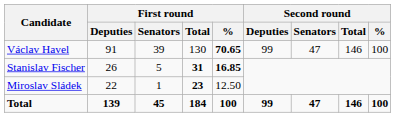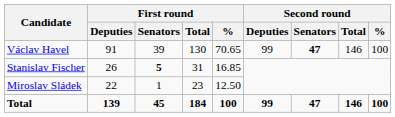 <table class=wikitable style=text-align:center>
 <tr>
 <th rowspan=2>Candidate</th>
 <th colspan=4>First round</th>
 <th colspan=4>Second round</th>
 </tr>
 <tr>
 <th>Deputies</th>
 <th>Senators</th>
 <th>Total</th>
 <th>%</th>
 <th>Deputies</th>
 <th>Senators</th>
 <th>Total</th>
 <th>%</th>
 </tr>
 <tr>
 <td align=left><a href='#'>Václav Havel</a></td>
 <td>91</td>
 <td>39</td>
 <td>130</td>
-<td><strong>70.65</strong></td>
+<td>70.65</td>
 <td>99</td>
-<td>47</td>
+<td><strong>47</strong></td>
 <td>146</td>
 <td>100</td>
 </tr>
 <tr>
 <td align=left><a href='#'>Stanislav Fischer</a></td>
 <td>26</td>
-<td>5</td>
-<td><strong>31</strong></td>
-<td><strong>16.85</strong></td>
+<td><strong>5</strong></td>
+<td>31</td>
+<td>16.85</td>
 <td colspan=4 rowspan=2></td>
 </tr>
 <tr>
 <td align=left><a href='#'>Miroslav Sládek</a></td>
 <td>22</td>
 <td>1</td>
-<td><strong>23</strong></td>
+<td>23</td>
 <td>12.50</td>
 </tr>
 <tr>
 <td align=left><strong>Total</strong></td>
 <td><strong>139</strong></td>
 <td><strong>45</strong></td>
 <td><strong>184</strong></td>
 <td><strong>100</strong></td>
 <td><strong>99</strong></td>
 <td><strong>47</strong></td>
 <td><strong>146</strong></td>
 <td><strong>100</strong></td>
 </tr>
 </table>
